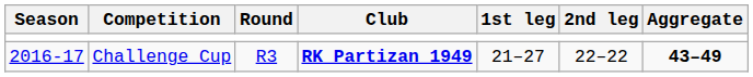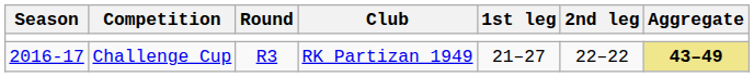 <table class="wikitable">
 <tr>
 <th>Season</th>
 <th>Competition</th>
 <th>Round</th>
 <th>Club</th>
 <th>1st leg</th>
 <th>2nd leg</th>
 <th>Aggregate</th>
 </tr>
 <tr>
 <td colspan="7" bgcolor=white></td>
 </tr>
 <tr>
 <td><a href='#'>2016-17</a></td>
 <td><a href='#'>Challenge Cup</a></td>
 <td style="text-align:center;"><a href='#'>R3</a></td>
-<td><strong> <a href='#'>RK Partizan 1949</a></strong></td>
+<td> <a href='#'>RK Partizan 1949</a></td>
 <td style="text-align:center;">21–27</td>
 <td style="text-align:center;">22–22</td>
-<td style="text-align:center;"><strong>43–49</strong></td>
+<td style="background: khaki; text-align:center;"><strong>43–49</strong></td>
 </tr>
 </table>
